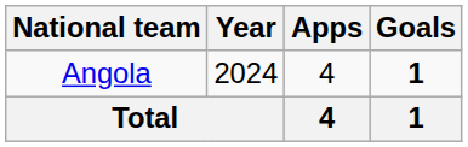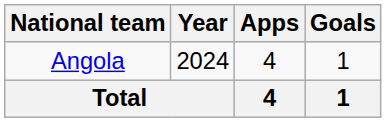 <table class="wikitable" style="text-align:center">
 <tr>
 <th>National team</th>
 <th>Year</th>
 <th>Apps</th>
 <th>Goals</th>
 </tr>
 <tr>
 <td><a href='#'>Angola</a></td>
 <td>2024</td>
 <td>4</td>
-<td><strong>1</strong></td>
+<td>1</td>
 </tr>
 <tr>
 <th colspan="2">Total</th>
 <th>4</th>
 <th>1</th>
 </tr>
 </table>
